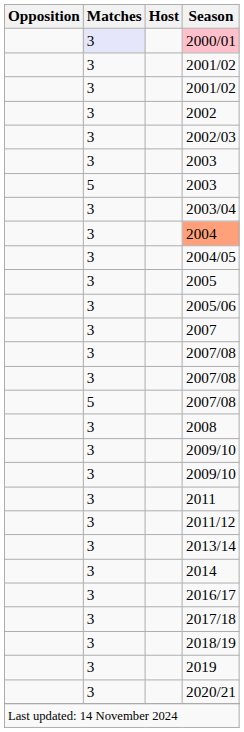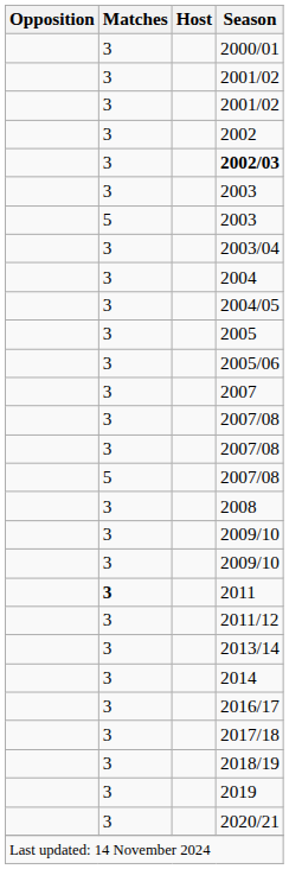 <table class="wikitable plainrowheaders sortable">
 <tr>
 <th scope=col>Opposition</th>
 <th scope=col style="text-align:center">Matches</th>
 <th scope=col>Host</th>
 <th scope=col style="text-align:center">Season</th>
 </tr>
 <tr>
 <td></td>
-<td style="background: lavender;">3</td>
+<td>3</td>
 <td></td>
-<td style="background: pink;">2000/01</td>
+<td>2000/01</td>
 </tr>
 <tr>
 <td></td>
 <td>3</td>
 <td></td>
 <td>2001/02</td>
 </tr>
 <tr>
 <td></td>
 <td>3</td>
 <td></td>
 <td>2001/02</td>
 </tr>
 <tr>
 <td></td>
 <td>3</td>
 <td></td>
 <td>2002</td>
 </tr>
 <tr>
 <td></td>
 <td>3</td>
 <td></td>
-<td>2002/03</td>
+<td><strong>2002/03</strong></td>
 </tr>
 <tr>
 <td></td>
 <td>3</td>
 <td></td>
 <td>2003</td>
 </tr>
 <tr>
 <td></td>
 <td>5</td>
 <td></td>
 <td>2003</td>
 </tr>
 <tr>
 <td></td>
 <td>3</td>
 <td></td>
 <td>2003/04</td>
 </tr>
 <tr>
 <td></td>
 <td>3</td>
 <td></td>
-<td style="background: lightsalmon;">2004</td>
+<td>2004</td>
 </tr>
 <tr>
 <td></td>
 <td>3</td>
 <td></td>
 <td>2004/05</td>
 </tr>
 <tr>
 <td></td>
 <td>3</td>
 <td></td>
 <td>2005</td>
 </tr>
 <tr>
 <td></td>
 <td>3</td>
 <td></td>
 <td>2005/06</td>
 </tr>
 <tr>
 <td></td>
 <td>3</td>
 <td></td>
 <td>2007</td>
 </tr>
 <tr>
 <td></td>
 <td>3</td>
 <td></td>
 <td>2007/08</td>
 </tr>
 <tr>
 <td></td>
 <td>3</td>
 <td></td>
 <td>2007/08</td>
 </tr>
 <tr>
 <td></td>
 <td>5</td>
 <td></td>
 <td>2007/08</td>
 </tr>
 <tr>
 <td></td>
 <td>3</td>
 <td></td>
 <td>2008</td>
 </tr>
 <tr>
 <td></td>
 <td>3</td>
 <td></td>
 <td>2009/10</td>
 </tr>
 <tr>
 <td></td>
 <td>3</td>
 <td></td>
 <td>2009/10</td>
 </tr>
 <tr>
 <td></td>
-<td>3</td>
+<td><strong>3</strong></td>
 <td></td>
 <td>2011</td>
 </tr>
 <tr>
 <td></td>
 <td>3</td>
 <td></td>
 <td>2011/12</td>
 </tr>
 <tr>
 <td></td>
 <td>3</td>
 <td></td>
 <td>2013/14</td>
 </tr>
 <tr>
 <td></td>
 <td>3</td>
 <td></td>
 <td>2014</td>
 </tr>
 <tr>
 <td></td>
 <td>3</td>
 <td></td>
 <td>2016/17</td>
 </tr>
 <tr>
 <td></td>
 <td>3</td>
 <td></td>
 <td>2017/18</td>
 </tr>
 <tr>
 <td></td>
 <td>3</td>
 <td></td>
 <td>2018/19</td>
 </tr>
 <tr>
 <td></td>
 <td>3</td>
 <td></td>
 <td>2019</td>
 </tr>
 <tr>
 <td></td>
 <td>3</td>
 <td></td>
 <td>2020/21</td>
 </tr>
 <tr>
 </tr>
 <tr class=sortbottom>
 <td colspan=5><small>Last updated: 14 November 2024</small></td>
 </tr>
 </table>
